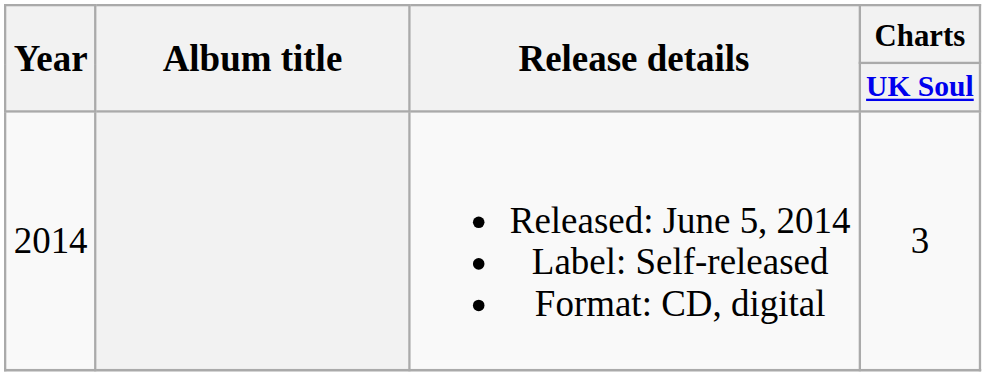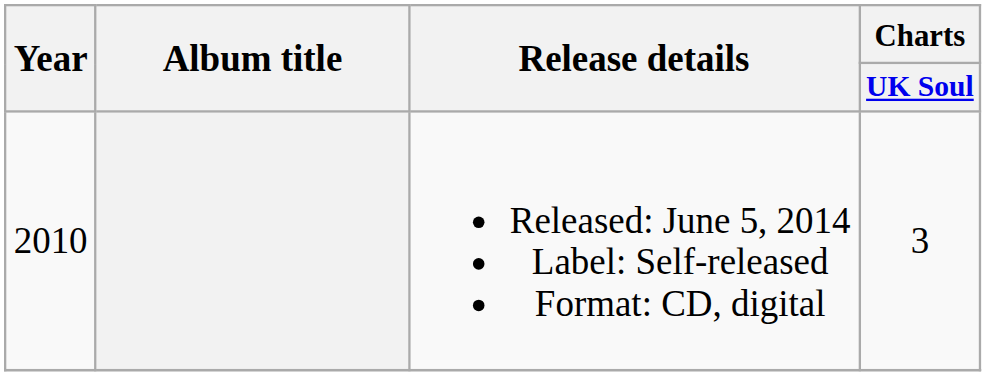 <table class="wikitable plainrowheaders" style="text-align:center;">
 <tr>
 <th rowspan="2;">Year</th>
 <th scope="col" rowspan="2" style="width:8em;">Album title</th>
 <th scope="col" rowspan="2">Release details</th>
 <th scope="col" colspan="1"><small>Charts</small></th>
 </tr>
 <tr>
 <th style="font-size:80%;"><a href='#'>UK Soul</a></th>
 </tr>
 <tr>
-<td>2014</td>
+<td>2010</td>
 <th></th>
 <td><br><ul><li>Released: June 5, 2014</li><li>Label: Self-released</li><li>Format: CD, digital</li></ul></td>
 <td>3</td>
 </tr>
 <tr>
 </tr>
 </table>
